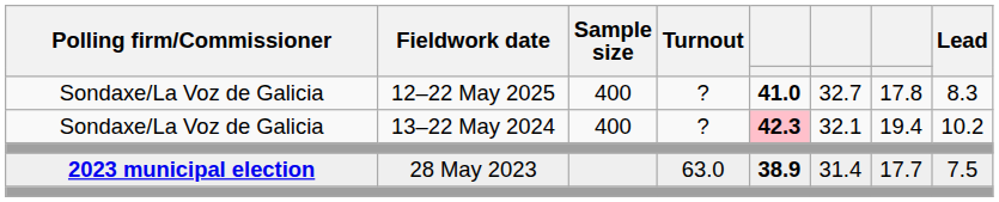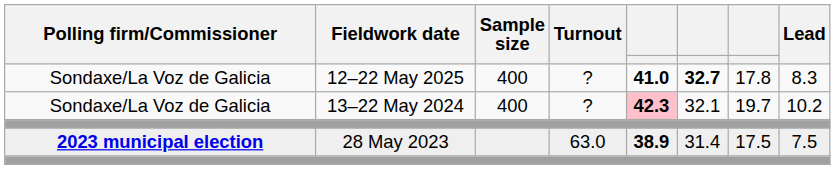 <table class="wikitable collapsible collapsed" style="text-align:center; font-size:95%; line-height:16px;">
 <tr style="height:42px;">
 <th style="width:250px;" rowspan="2">Polling firm/Commissioner</th>
 <th style="width:125px;" rowspan="2">Fieldwork date</th>
 <th style="width:50px;" rowspan="2">Sample size</th>
 <th style="width:45px;" rowspan="2">Turnout</th>
 <th style="width:35px;"></th>
 <th style="width:35px;"></th>
 <th style="width:35px;"></th>
 <th style="width:30px;" rowspan="2">Lead</th>
 </tr>
 <tr>
 <th style="color:inherit;background:"></th>
 <th style="color:inherit;background:"></th>
 <th style="color:inherit;background:"></th>
 </tr>
 <tr>
 <td>Sondaxe/La Voz de Galicia</td>
 <td>12–22 May 2025</td>
 <td>400</td>
 <td>?</td>
 <td><strong>41.0</strong><br></td>
-<td>32.7<br></td>
+<td><strong>32.7<br></strong></td>
 <td>17.8<br></td>
 <td style="background:">8.3</td>
 </tr>
 <tr>
 <td>Sondaxe/La Voz de Galicia</td>
 <td>13–22 May 2024</td>
 <td>400</td>
 <td>?</td>
 <td style="background: pink;"><strong>42.3</strong><br></td>
 <td>32.1<br></td>
-<td>19.4<br></td>
+<td>19.7<br></td>
 <td style="background:">10.2</td>
 </tr>
 <tr>
 <td colspan="8" style="background:#A0A0A0"></td>
 </tr>
 <tr style="background:#EFEFEF;">
 <td><strong><a href='#'>2023 municipal election</a></strong></td>
 <td>28 May 2023</td>
 <td></td>
 <td>63.0</td>
 <td><strong>38.9</strong><br></td>
 <td>31.4<br></td>
-<td>17.7<br></td>
+<td>17.5<br></td>
 <td style="background:">7.5</td>
 </tr>
 <tr>
 <td colspan="8" style="background:#A0A0A0"></td>
 </tr>
 </table>
